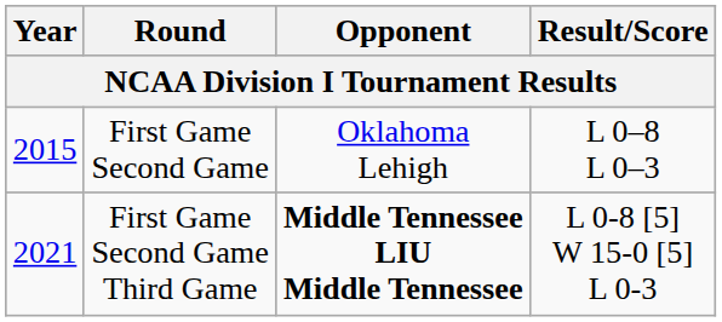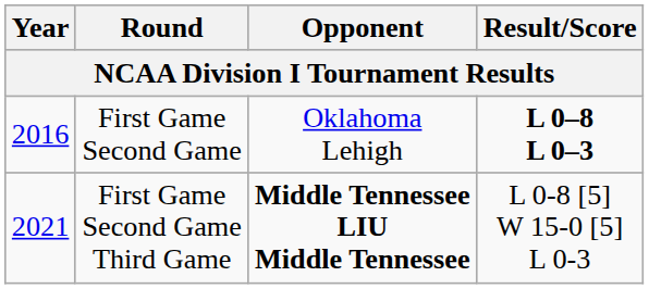 <table class="wikitable">
 <tr>
 <th>Year</th>
 <th>Round</th>
 <th>Opponent</th>
 <th>Result/Score</th>
 </tr>
 <tr>
 <th colspan=4>NCAA Division I Tournament Results</th>
 </tr>
 <tr align="center">
-<td><a href='#'>2015</a></td>
+<td><a href='#'>2016</a></td>
 <td>First Game<br>Second Game</td>
 <td><a href='#'>Oklahoma</a><br>Lehigh</td>
-<td>L 0–8<br>L 0–3</td>
+<td><strong>L 0–8<br>L 0–3</strong></td>
 </tr>
 <tr align="center">
 <td><a href='#'>2021</a></td>
 <td>First Game<br>Second Game<br>Third Game</td>
 <td><strong>Middle Tennessee<br>LIU<br>Middle Tennessee</strong></td>
 <td>L 0-8 [5]<br>W 15-0 [5]<br>L 0-3</td>
 </tr>
 </table>
